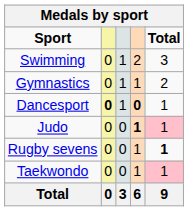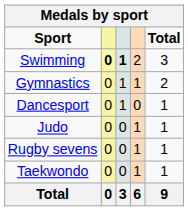 <table class="wikitable" style="font-size:85%; float:right">
 <tr bgcolor=#efefef>
 <th colspan=7>Medals by sport</th>
 </tr>
 <tr align=center>
 <td><strong>Sport</strong></td>
 <td bgcolor=#f7f6a8></td>
 <td bgcolor=#dce5e5></td>
 <td bgcolor=#ffdab9></td>
 <td><strong>Total</strong></td>
 </tr>
 <tr align=center>
 <td><a href='#'>Swimming</a></td>
-<td bgcolor=#f7f6a8>0</td>
-<td bgcolor=#dce5e5>1</td>
+<td bgcolor=#f7f6a8><strong>0</strong></td>
+<td bgcolor=#dce5e5><strong>1</strong></td>
 <td bgcolor=#ffdab9>2</td>
 <td>3</td>
 </tr>
 <tr align=center>
 <td><a href='#'>Gymnastics</a></td>
 <td bgcolor=#f7f6a8>0</td>
 <td bgcolor=#dce5e5>1</td>
 <td bgcolor=#ffdab9>1</td>
 <td>2</td>
 </tr>
 <tr align=center>
 <td><a href='#'>Dancesport</a></td>
-<td bgcolor=#f7f6a8><strong>0</strong></td>
+<td bgcolor=#f7f6a8>0</td>
 <td bgcolor=#dce5e5>1</td>
-<td bgcolor=#ffdab9><strong>0</strong></td>
+<td bgcolor=#ffdab9>0</td>
 <td>1</td>
 </tr>
 <tr align=center>
 <td><a href='#'>Judo</a></td>
 <td bgcolor=#f7f6a8>0</td>
 <td bgcolor=#dce5e5>0</td>
-<td bgcolor=#ffdab9><strong>1</strong></td>
-<td style="background: pink;">1</td>
+<td bgcolor=#ffdab9>1</td>
+<td>1</td>
 </tr>
 <tr align=center>
 <td><a href='#'>Rugby sevens</a></td>
 <td bgcolor=#f7f6a8>0</td>
 <td bgcolor=#dce5e5>0</td>
 <td bgcolor=#ffdab9>1</td>
-<td><strong>1</strong></td>
+<td>1</td>
 </tr>
 <tr align=center>
 <td><a href='#'>Taekwondo</a></td>
 <td bgcolor=#f7f6a8>0</td>
 <td bgcolor=#dce5e5>0</td>
 <td bgcolor=#ffdab9>1</td>
-<td style="background: pink;">1</td>
+<td>1</td>
 </tr>
 <tr align=center>
 <th>Total</th>
 <th bgcolor=gold>0</th>
 <th bgcolor=silver>3</th>
 <th bgcolor=#c96>6</th>
 <th>9</th>
 </tr>
 </table>
